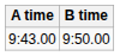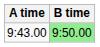 <table class="wikitable" border="1" align="upright">
 <tr>
 <th>A time</th>
 <th>B time</th>
 </tr>
 <tr>
 <td>9:43.00</td>
-<td>9:50.00</td>
+<td style="background: lightgreen;">9:50.00</td>
 </tr>
 </table>
